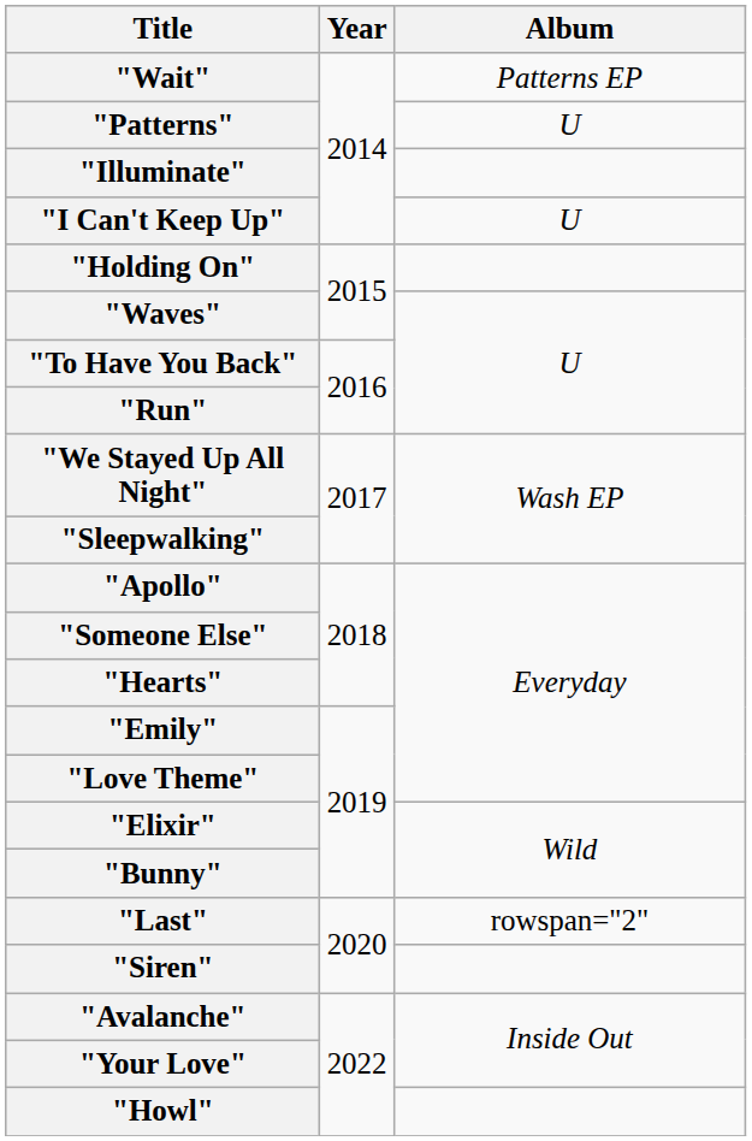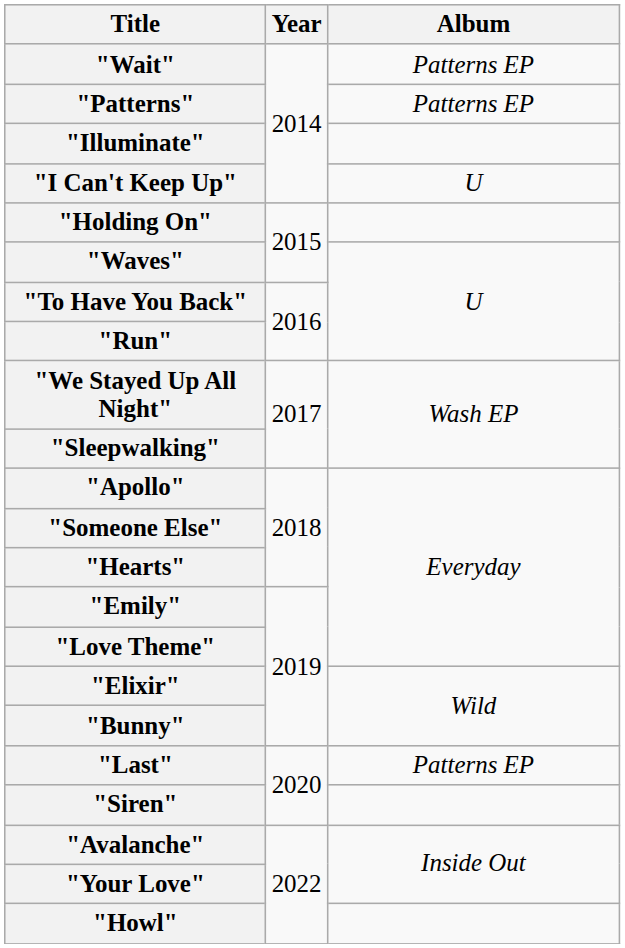 <table class="wikitable plainrowheaders" style="text-align:center;">
 <tr>
 <th scope="col" style="width:160px;">Title</th>
 <th scope="col">Year</th>
 <th scope="col" style="width:180px;">Album</th>
 </tr>
 <tr>
 <th scope="row">"Wait"</th>
 <td rowspan="4">2014</td>
 <td><em>Patterns EP</em></td>
 </tr>
 <tr>
 <th scope="row">"Patterns"<br></th>
-<td><em>U</em></td>
+<td><em>Patterns EP</em></td>
 </tr>
 <tr>
 <th scope="row">"Illuminate"<br></th>
 <td></td>
 </tr>
 <tr>
 <th scope="row">"I Can't Keep Up"<br></th>
 <td><em>U</em></td>
 </tr>
 <tr>
 <th scope="row">"Holding On"<br></th>
 <td rowspan="2">2015</td>
 <td></td>
 </tr>
 <tr>
 <th scope="row">"Waves"</th>
 <td rowspan="3"><em>U</em></td>
 </tr>
 <tr>
 <th scope="row">"To Have You Back"</th>
 <td rowspan="2">2016</td>
 </tr>
 <tr>
 <th scope="row">"Run"</th>
 </tr>
 <tr>
 <th scope="row">"We Stayed Up All Night"<br></th>
 <td rowspan="2">2017</td>
 <td rowspan="2"><em>Wash EP</em></td>
 </tr>
 <tr>
 <th scope="row">"Sleepwalking"<br></th>
 </tr>
 <tr>
 <th scope="row">"Apollo"</th>
 <td rowspan="3">2018</td>
 <td rowspan="5"><em>Everyday</em></td>
 </tr>
 <tr>
 <th scope="row">"Someone Else"</th>
 </tr>
 <tr>
 <th scope="row">"Hearts"</th>
 </tr>
 <tr>
 <th scope="row">"Emily"</th>
 <td rowspan="4">2019</td>
 </tr>
 <tr>
 <th scope="row">"Love Theme"<br></th>
 </tr>
 <tr>
 <th scope="row">"Elixir"</th>
 <td rowspan="2"><em>Wild</em></td>
 </tr>
 <tr>
 <th scope="row">"Bunny"</th>
 </tr>
 <tr>
 <th scope="row">"Last"</th>
 <td rowspan="2">2020</td>
-<td>rowspan="2" </td>
+<td><em>Patterns EP</em></td>
 </tr>
 <tr>
 <th scope="row">"Siren"</th>
 </tr>
 <tr>
 <th scope="row">"Avalanche"</th>
 <td rowspan="3">2022</td>
 <td rowspan="2"><em>Inside Out</em></td>
 </tr>
 <tr>
 <th scope="row">"Your Love"</th>
 </tr>
 <tr>
 <th scope="row">"Howl" </th>
 <td></td>
 </tr>
 </table>
